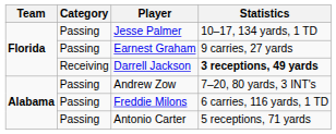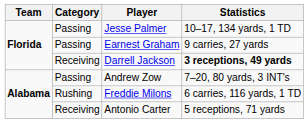 <table class="wikitable" style="float: right;">
 <tr>
 <th>Team</th>
 <th>Category</th>
 <th>Player</th>
 <th>Statistics</th>
 </tr>
 <tr>
 <td rowspan=3><strong>Florida</strong></td>
 <td>Passing</td>
 <td><a href='#'>Jesse Palmer</a></td>
 <td>10–17, 134 yards, 1 TD</td>
 </tr>
 <tr>
 <td>Passing</td>
 <td><a href='#'>Earnest Graham</a></td>
 <td>9 carries, 27 yards</td>
 </tr>
 <tr>
 <td>Receiving</td>
 <td><a href='#'>Darrell Jackson</a></td>
 <td><strong>3 receptions, 49 yards</strong></td>
 </tr>
 <tr>
 <td rowspan=3><strong>Alabama</strong></td>
 <td>Passing</td>
 <td>Andrew Zow</td>
 <td>7–20, 80 yards, 3 INT's</td>
 </tr>
 <tr>
-<td>Passing</td>
+<td>Rushing</td>
 <td><a href='#'>Freddie Milons</a></td>
 <td>6 carries, 116 yards, 1 TD</td>
 </tr>
 <tr>
-<td>Passing</td>
+<td>Receiving</td>
 <td>Antonio Carter</td>
 <td>5 receptions, 71 yards</td>
 </tr>
 </table>
